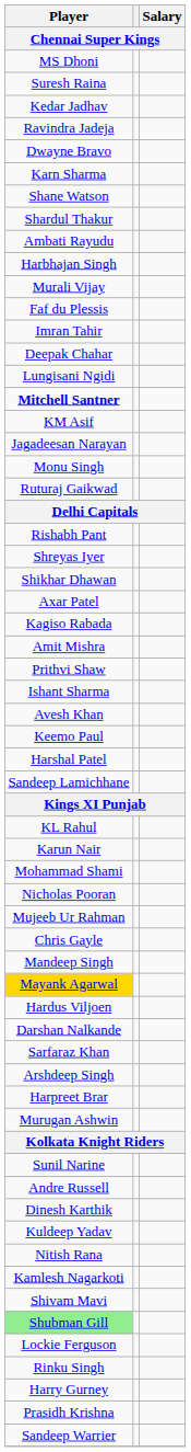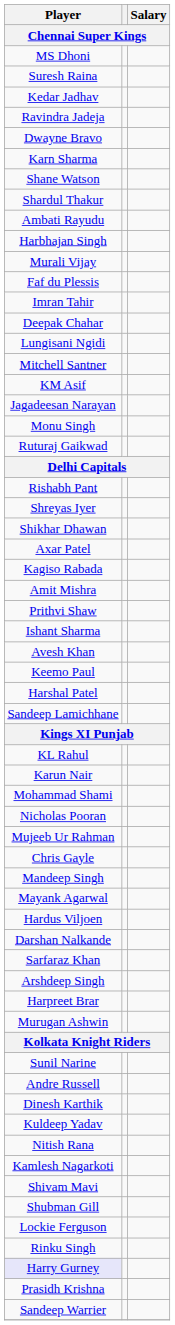 <table class="wikitable collapsible"  style="text-align:center">
 <tr>
 <th style="text-align:center;">Player</th>
 <th style="text-align:center;"></th>
 <th style="text-align:center;">Salary</th>
 </tr>
 <tr>
 <th colspan="5"><strong><a href='#'>Chennai Super Kings</a></strong></th>
 </tr>
 <tr>
 <td><a href='#'>MS Dhoni</a></td>
 <td></td>
 <td></td>
 </tr>
 <tr>
 <td><a href='#'>Suresh Raina</a></td>
 <td></td>
 <td></td>
 </tr>
 <tr>
 <td><a href='#'>Kedar Jadhav</a></td>
 <td></td>
 <td></td>
 </tr>
 <tr>
 <td><a href='#'>Ravindra Jadeja</a></td>
 <td></td>
 <td></td>
 </tr>
 <tr>
 <td><a href='#'>Dwayne Bravo</a></td>
 <td></td>
 <td></td>
 </tr>
 <tr>
 <td><a href='#'>Karn Sharma</a></td>
 <td></td>
 <td></td>
 </tr>
 <tr>
 <td><a href='#'>Shane Watson</a></td>
 <td></td>
 <td></td>
 </tr>
 <tr>
 <td><a href='#'>Shardul Thakur</a></td>
 <td></td>
 <td></td>
 </tr>
 <tr>
 <td><a href='#'>Ambati Rayudu</a></td>
 <td></td>
 <td></td>
 </tr>
 <tr>
 <td><a href='#'>Harbhajan Singh</a></td>
 <td></td>
 <td></td>
 </tr>
 <tr>
 <td><a href='#'>Murali Vijay</a></td>
 <td></td>
 <td></td>
 </tr>
 <tr>
 <td><a href='#'>Faf du Plessis</a></td>
 <td></td>
 <td></td>
 </tr>
 <tr>
 <td><a href='#'>Imran Tahir</a></td>
 <td></td>
 <td></td>
 </tr>
 <tr>
 <td><a href='#'>Deepak Chahar</a></td>
 <td></td>
 <td></td>
 </tr>
 <tr>
 <td><a href='#'>Lungisani Ngidi</a></td>
 <td></td>
 <td></td>
 </tr>
 <tr>
-<td><strong><a href='#'>Mitchell Santner</a></strong></td>
+<td><a href='#'>Mitchell Santner</a></td>
 <td></td>
 <td></td>
 </tr>
 <tr>
 <td><a href='#'>KM Asif</a></td>
 <td></td>
 <td></td>
 </tr>
 <tr>
 <td><a href='#'>Jagadeesan Narayan</a></td>
 <td></td>
 <td></td>
 </tr>
 <tr>
 <td><a href='#'>Monu Singh</a></td>
 <td></td>
 <td></td>
 </tr>
 <tr>
 <td><a href='#'>Ruturaj Gaikwad</a></td>
 <td></td>
 <td></td>
 </tr>
 <tr>
 <th colspan="5"><strong><a href='#'>Delhi Capitals</a></strong></th>
 </tr>
 <tr>
 <td><a href='#'>Rishabh Pant</a></td>
 <td></td>
 <td></td>
 </tr>
 <tr>
 <td><a href='#'>Shreyas Iyer</a></td>
 <td></td>
 <td></td>
 </tr>
 <tr>
 <td><a href='#'>Shikhar Dhawan</a></td>
 <td></td>
 <td></td>
 </tr>
 <tr>
 <td><a href='#'>Axar Patel</a></td>
 <td></td>
 <td></td>
 </tr>
 <tr>
 <td><a href='#'>Kagiso Rabada</a></td>
 <td></td>
 <td></td>
 </tr>
 <tr>
 <td><a href='#'>Amit Mishra</a></td>
 <td></td>
 <td></td>
 </tr>
 <tr>
 <td><a href='#'>Prithvi Shaw</a></td>
 <td></td>
 <td></td>
 </tr>
 <tr>
 <td><a href='#'>Ishant Sharma</a></td>
 <td></td>
 <td></td>
 </tr>
 <tr>
 <td><a href='#'>Avesh Khan</a></td>
 <td></td>
 <td></td>
 </tr>
 <tr>
 <td><a href='#'>Keemo Paul</a></td>
 <td></td>
 <td></td>
 </tr>
 <tr>
 <td><a href='#'>Harshal Patel</a></td>
 <td></td>
 <td></td>
 </tr>
 <tr>
 <td><a href='#'>Sandeep Lamichhane</a></td>
 <td></td>
 <td></td>
 </tr>
 <tr>
 <th colspan="5"><strong><a href='#'>Kings XI Punjab</a></strong></th>
 </tr>
 <tr>
 <td><a href='#'>KL Rahul</a></td>
 <td></td>
 <td></td>
 </tr>
 <tr>
 <td><a href='#'>Karun Nair</a></td>
 <td></td>
 <td></td>
 </tr>
 <tr>
 <td><a href='#'>Mohammad Shami</a></td>
 <td></td>
 <td></td>
 </tr>
 <tr>
 <td><a href='#'>Nicholas Pooran</a></td>
 <td></td>
 <td></td>
 </tr>
 <tr>
 <td><a href='#'>Mujeeb Ur Rahman</a></td>
 <td></td>
 <td></td>
 </tr>
 <tr>
 <td><a href='#'>Chris Gayle</a></td>
 <td></td>
 <td></td>
 </tr>
 <tr>
 <td><a href='#'>Mandeep Singh</a></td>
 <td></td>
 <td></td>
 </tr>
 <tr>
-<td style="background: gold;"><a href='#'>Mayank Agarwal</a></td>
+<td><a href='#'>Mayank Agarwal</a></td>
 <td></td>
 <td></td>
 </tr>
 <tr>
 <td><a href='#'>Hardus Viljoen</a></td>
 <td></td>
 <td></td>
 </tr>
 <tr>
 <td><a href='#'>Darshan Nalkande</a></td>
 <td></td>
 <td></td>
 </tr>
 <tr>
 <td><a href='#'>Sarfaraz Khan</a></td>
 <td></td>
 <td></td>
 </tr>
 <tr>
 <td><a href='#'>Arshdeep Singh</a></td>
 <td></td>
 <td></td>
 </tr>
 <tr>
 <td><a href='#'>Harpreet Brar</a></td>
 <td></td>
 <td></td>
 </tr>
 <tr>
 <td><a href='#'>Murugan Ashwin</a></td>
 <td></td>
 <td></td>
 </tr>
 <tr>
 <th colspan="5"><strong><a href='#'>Kolkata Knight Riders</a></strong></th>
 </tr>
 <tr>
 <td><a href='#'>Sunil Narine</a></td>
 <td></td>
 <td></td>
 </tr>
 <tr>
 <td><a href='#'>Andre Russell</a></td>
 <td></td>
 <td></td>
 </tr>
 <tr>
 <td><a href='#'>Dinesh Karthik</a></td>
 <td></td>
 <td></td>
 </tr>
 <tr>
 <td><a href='#'>Kuldeep Yadav</a></td>
 <td></td>
 <td></td>
 </tr>
 <tr>
 <td><a href='#'>Nitish Rana</a></td>
 <td></td>
 <td></td>
 </tr>
 <tr>
 <td><a href='#'>Kamlesh Nagarkoti</a></td>
 <td></td>
 <td></td>
 </tr>
 <tr>
 <td><a href='#'>Shivam Mavi</a></td>
 <td></td>
 <td></td>
 </tr>
 <tr>
-<td style="background: lightgreen;"><a href='#'>Shubman Gill</a></td>
+<td><a href='#'>Shubman Gill</a></td>
 <td></td>
 <td></td>
 </tr>
 <tr>
 <td><a href='#'>Lockie Ferguson</a></td>
 <td></td>
 <td></td>
 </tr>
 <tr>
 <td><a href='#'>Rinku Singh</a></td>
 <td></td>
 <td></td>
 </tr>
 <tr>
-<td><a href='#'>Harry Gurney</a></td>
+<td style="background: lavender;"><a href='#'>Harry Gurney</a></td>
 <td></td>
 <td></td>
 </tr>
 <tr>
 <td><a href='#'>Prasidh Krishna</a></td>
 <td></td>
 <td></td>
 </tr>
 <tr>
 <td><a href='#'>Sandeep Warrier</a></td>
 <td></td>
 <td></td>
 </tr>
 <tr>
 </tr>
 </table>
